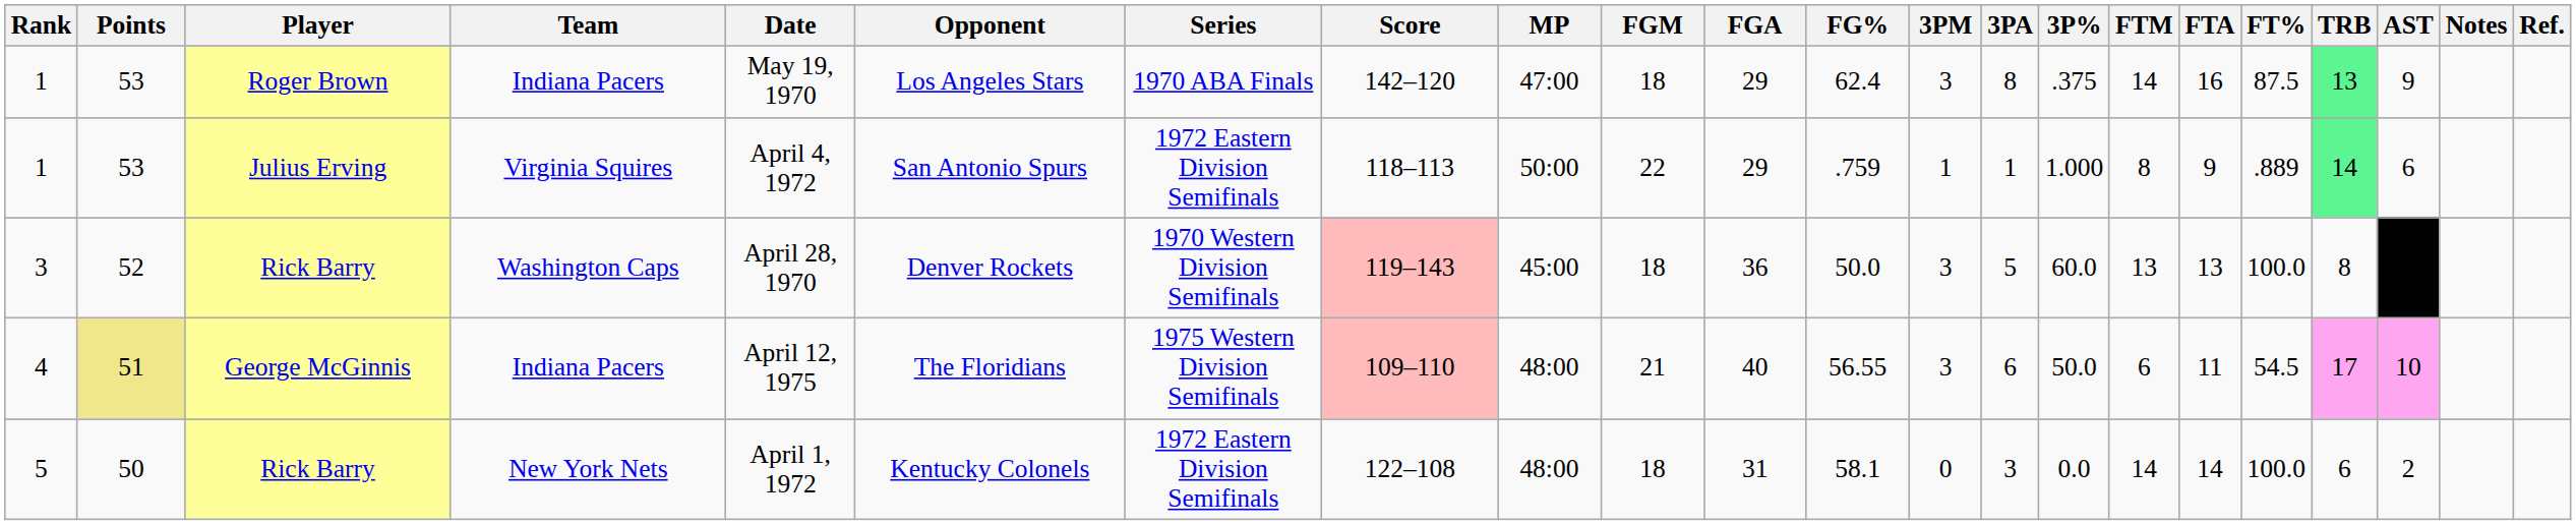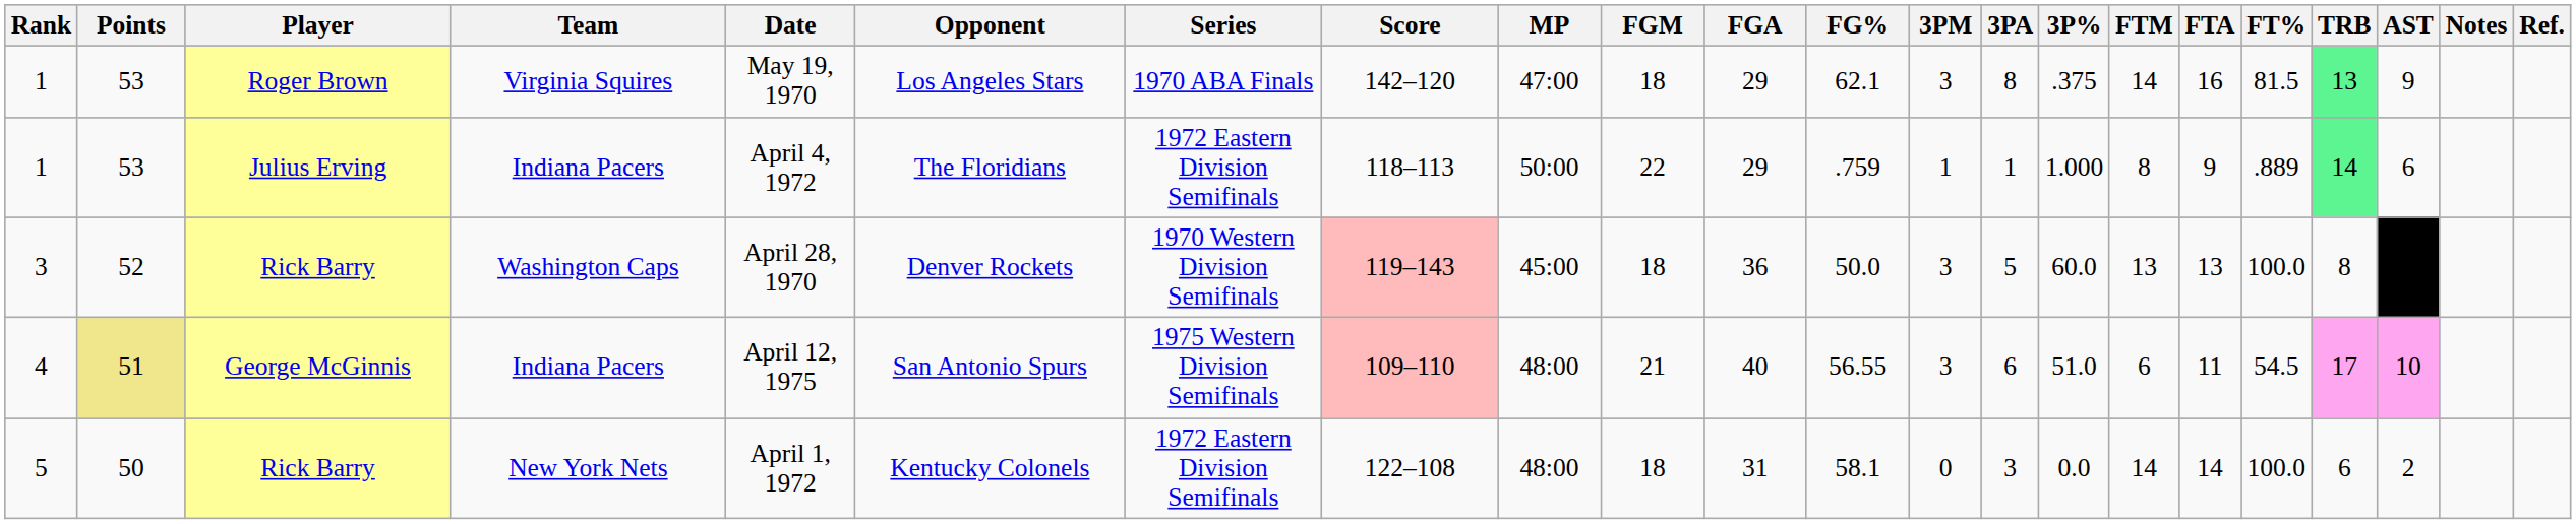 <table class="wikitable sortable" style="font-size:99%; width:99%; margin-right:0; text-align:center">
 <tr>
 <th>Rank</th>
 <th width= 5%>Points</th>
 <th width=15%>Player</th>
 <th width=15%>Team</th>
 <th width=7%>Date</th>
 <th width=15%>Opponent</th>
 <th width=10%>Series</th>
 <th width=10%>Score</th>
 <th width= 5%>MP</th>
 <th width= 5%>FGM</th>
 <th width= 5%>FGA</th>
 <th width= 5%>FG%</th>
 <th width= 5%>3PM</th>
 <th width= 5%>3PA</th>
 <th width= 5%>3P%</th>
 <th width= 5%>FTM</th>
 <th width= 5%>FTA</th>
 <th width= 5%>FT%</th>
 <th>TRB</th>
 <th>AST</th>
 <th width= 2%>Notes</th>
 <th width= 2%>Ref.</th>
 </tr>
 <tr>
 <td>1</td>
 <td>53</td>
 <td bgcolor="FFFF99"><a href='#'>Roger Brown</a></td>
-<td><a href='#'>Indiana Pacers</a></td>
+<td><a href='#'>Virginia Squires</a></td>
 <td>May 19, 1970</td>
 <td><a href='#'>Los Angeles Stars</a></td>
 <td><a href='#'>1970 ABA Finals</a></td>
 <td>142–120</td>
 <td>47:00</td>
 <td>18</td>
 <td>29</td>
-<td>62.4</td>
+<td>62.1</td>
 <td>3</td>
 <td>8</td>
 <td>.375</td>
 <td>14</td>
 <td>16</td>
-<td>87.5</td>
+<td>81.5</td>
 <td bgcolor="5df592">13</td>
 <td>9</td>
 <td></td>
 <td></td>
 </tr>
 <tr>
 <td>1</td>
 <td>53</td>
 <td bgcolor="FFFF99"><a href='#'>Julius Erving</a></td>
-<td><a href='#'>Virginia Squires</a></td>
+<td><a href='#'>Indiana Pacers</a></td>
 <td>April 4, 1972</td>
-<td><a href='#'>San Antonio Spurs</a></td>
+<td><a href='#'>The Floridians</a></td>
 <td><a href='#'>1972 Eastern Division Semifinals</a></td>
 <td>118–113</td>
 <td>50:00</td>
 <td>22</td>
 <td>29</td>
 <td>.759</td>
 <td>1</td>
 <td>1</td>
 <td>1.000</td>
 <td>8</td>
 <td>9</td>
 <td>.889</td>
 <td bgcolor="5df592">14</td>
 <td>6</td>
 <td></td>
 <td></td>
 </tr>
 <tr>
 <td>3</td>
 <td>52</td>
 <td bgcolor="FFFF99"><a href='#'>Rick Barry</a></td>
 <td><a href='#'>Washington Caps</a></td>
 <td>April 28, 1970</td>
 <td><a href='#'>Denver Rockets</a></td>
 <td><a href='#'>1970 Western Division Semifinals</a></td>
 <td bgcolor="#ffbbbb">119–143</td>
 <td>45:00</td>
 <td>18</td>
 <td>36</td>
 <td>50.0</td>
 <td>3</td>
 <td>5</td>
 <td>60.0</td>
 <td>13</td>
 <td>13</td>
 <td>100.0</td>
 <td>8</td>
 <td bgcolor="#000000"></td>
 <td></td>
 <td></td>
 </tr>
 <tr>
 <td>4</td>
 <td style="background: khaki;">51</td>
 <td bgcolor="FFFF99"><a href='#'>George McGinnis</a></td>
 <td><a href='#'>Indiana Pacers</a></td>
 <td>April 12, 1975</td>
-<td><a href='#'>The Floridians</a></td>
+<td><a href='#'>San Antonio Spurs</a></td>
 <td><a href='#'>1975 Western Division Semifinals</a></td>
 <td bgcolor="#ffbbbb">109–110</td>
 <td>48:00</td>
 <td>21</td>
 <td>40</td>
 <td>56.55</td>
 <td>3</td>
 <td>6</td>
-<td>50.0</td>
+<td>51.0</td>
 <td>6</td>
 <td>11</td>
 <td>54.5</td>
 <td bgcolor="#ffa6f0">17</td>
 <td bgcolor="#ffa6f0">10</td>
 <td></td>
 <td></td>
 </tr>
 <tr>
 <td>5</td>
 <td>50</td>
 <td bgcolor="FFFF99"><a href='#'>Rick Barry</a></td>
 <td><a href='#'>New York Nets</a></td>
 <td>April 1, 1972</td>
 <td><a href='#'>Kentucky Colonels</a></td>
 <td><a href='#'>1972 Eastern Division Semifinals</a></td>
 <td>122–108</td>
 <td>48:00</td>
 <td>18</td>
 <td>31</td>
 <td>58.1</td>
 <td>0</td>
 <td>3</td>
 <td>0.0</td>
 <td>14</td>
 <td>14</td>
 <td>100.0</td>
 <td>6</td>
 <td>2</td>
 <td></td>
 <td></td>
 </tr>
 </table>
